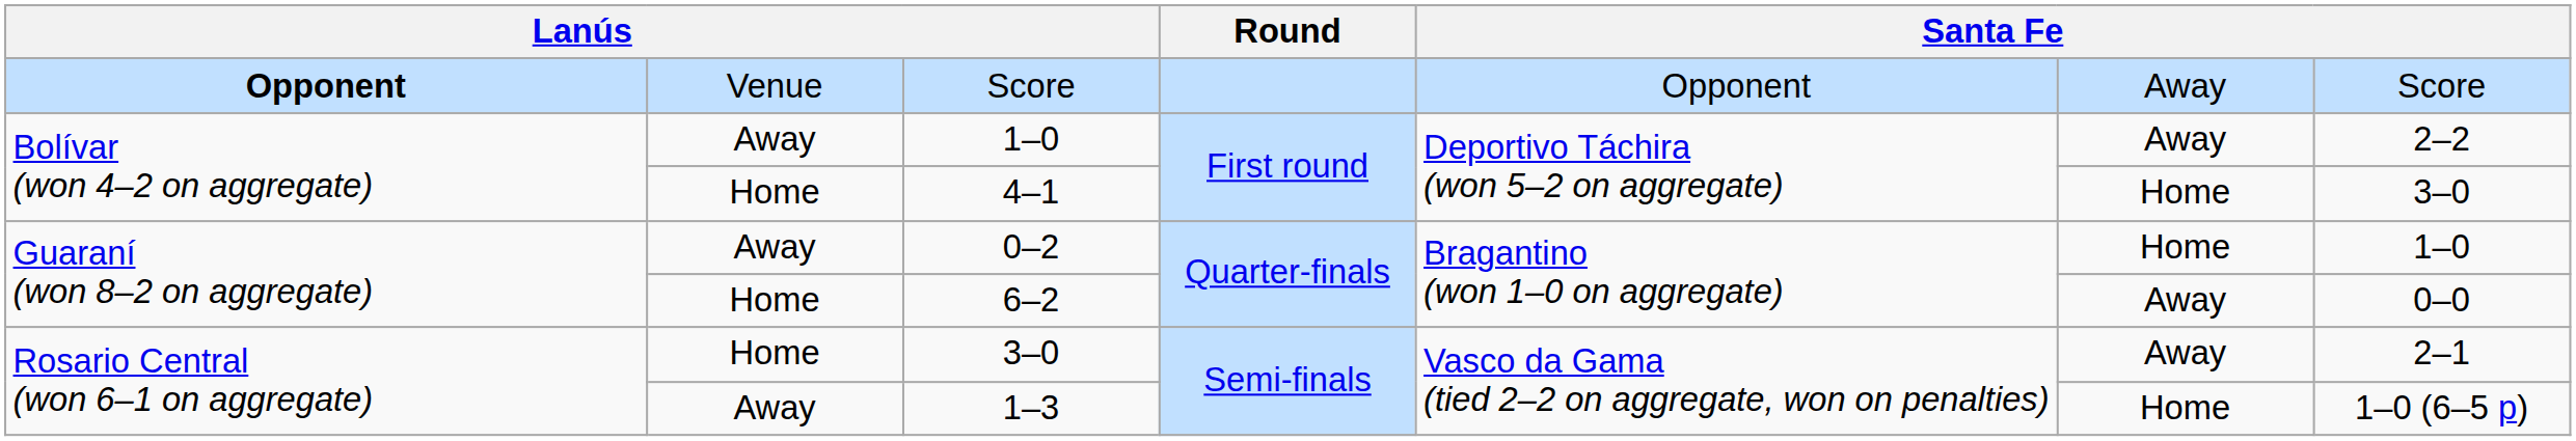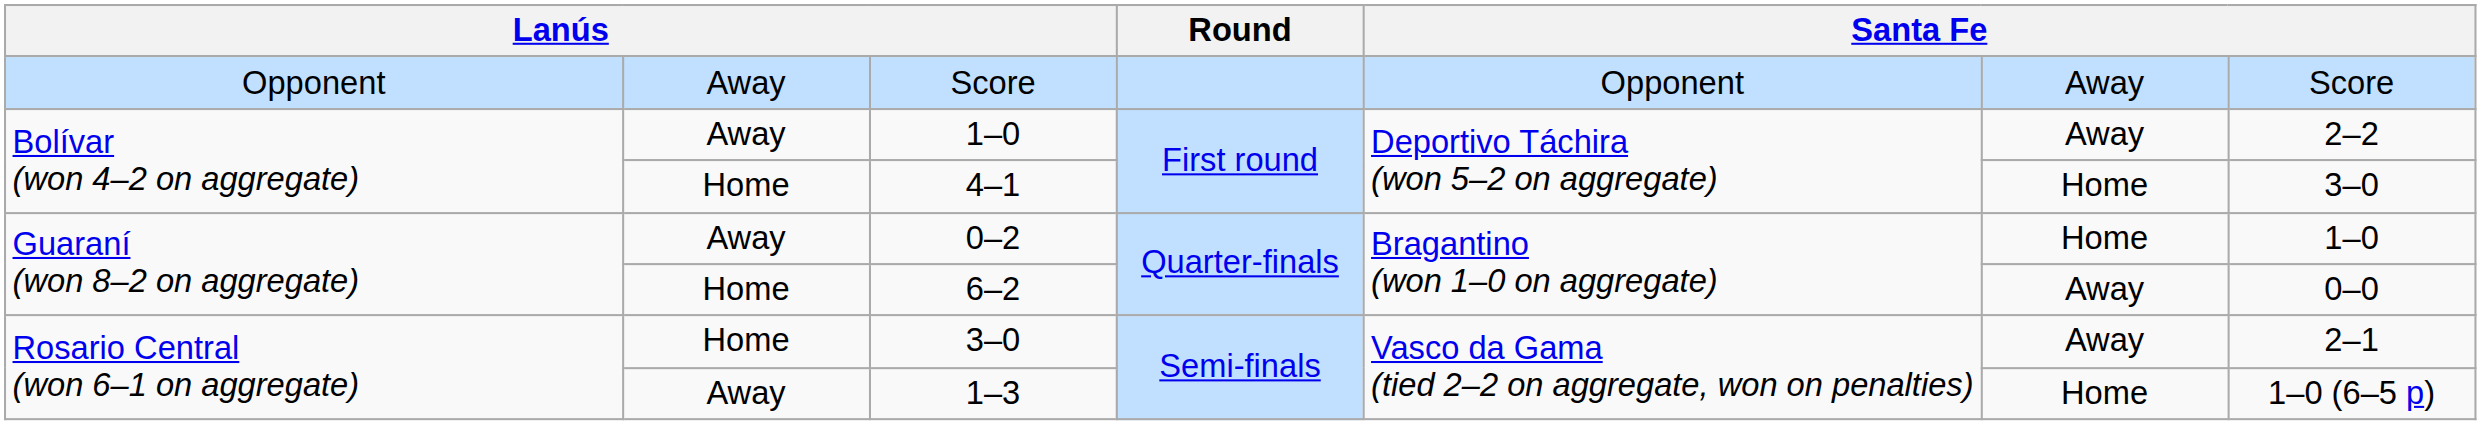 <table class="wikitable" style="text-align: center;">
 <tr>
 <th colspan=3> <a href='#'>Lanús</a></th>
 <th>Round</th>
 <th colspan=3> <a href='#'>Santa Fe</a></th>
 </tr>
 <tr bgcolor=#c1e0ff>
-<td width=25%><strong>Opponent</strong></td>
-<td width=10%>Venue</td>
+<td width=25%>Opponent</td>
+<td>Away</td>
 <td width=10%>Score</td>
 <td width=10%></td>
 <td width=25%>Opponent</td>
 <td>Away</td>
 <td width=10%>Score</td>
 </tr>
 <tr>
 <td rowspan=2 align=left> <a href='#'>Bolívar</a><br><em>(won 4–2 on aggregate)</em></td>
 <td>Away</td>
 <td>1–0</td>
 <td rowspan=2 bgcolor=#c1e0ff><a href='#'>First round</a></td>
 <td rowspan=2 align=left> <a href='#'>Deportivo Táchira</a><br><em>(won 5–2 on aggregate)</em></td>
 <td>Away</td>
 <td>2–2</td>
 </tr>
 <tr>
 <td>Home</td>
 <td>4–1</td>
 <td>Home</td>
 <td>3–0</td>
 </tr>
 <tr>
 <td rowspan=2 align=left> <a href='#'>Guaraní</a><br><em>(won 8–2 on aggregate)</em></td>
 <td>Away</td>
 <td>0–2</td>
 <td rowspan=2 bgcolor=#c1e0ff><a href='#'>Quarter-finals</a></td>
 <td rowspan=2 align=left> <a href='#'>Bragantino</a><br><em>(won 1–0 on aggregate)</em></td>
 <td>Home</td>
 <td>1–0</td>
 </tr>
 <tr>
 <td>Home</td>
 <td>6–2</td>
 <td>Away</td>
 <td>0–0</td>
 </tr>
 <tr>
 <td rowspan=2 align=left> <a href='#'>Rosario Central</a><br><em>(won 6–1 on aggregate)</em></td>
 <td>Home</td>
 <td>3–0</td>
 <td rowspan=2 bgcolor=#c1e0ff><a href='#'>Semi-finals</a></td>
 <td rowspan=2 align=left> <a href='#'>Vasco da Gama</a><br><em>(tied 2–2 on aggregate, won on penalties)</em></td>
 <td>Away</td>
 <td>2–1</td>
 </tr>
 <tr>
 <td>Away</td>
 <td>1–3</td>
 <td>Home</td>
 <td>1–0 (6–5 <a href='#'>p</a>)</td>
 </tr>
 </table>
